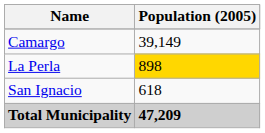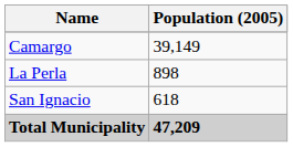 <table class="wikitable">
 <tr style="background:#000000; color:black;">
 <th><strong>Name</strong></th>
 <th><strong>Population (2005)</strong></th>
 </tr>
 <tr>
 <td><a href='#'>Camargo</a></td>
 <td>39,149</td>
 </tr>
 <tr>
 <td><a href='#'>La Perla</a></td>
-<td style="background: gold;">898</td>
+<td>898</td>
 </tr>
 <tr>
 <td><a href='#'>San Ignacio</a></td>
 <td>618</td>
 </tr>
 <tr style="background:#CFCFCF;">
 <td><strong>Total Municipality</strong></td>
 <td><strong>47,209</strong></td>
 </tr>
 </table>
